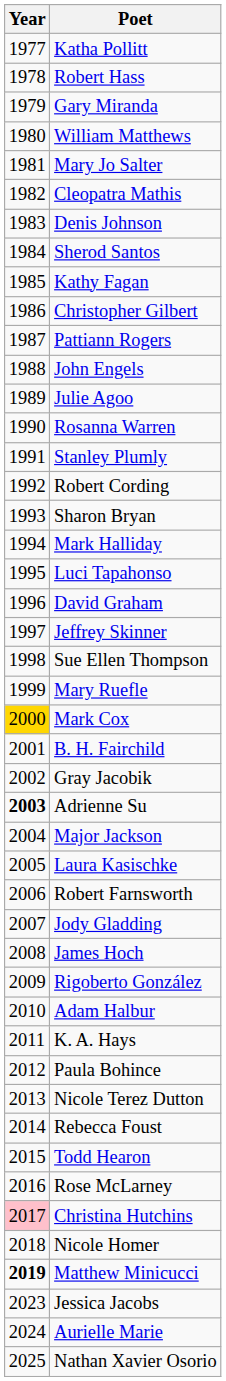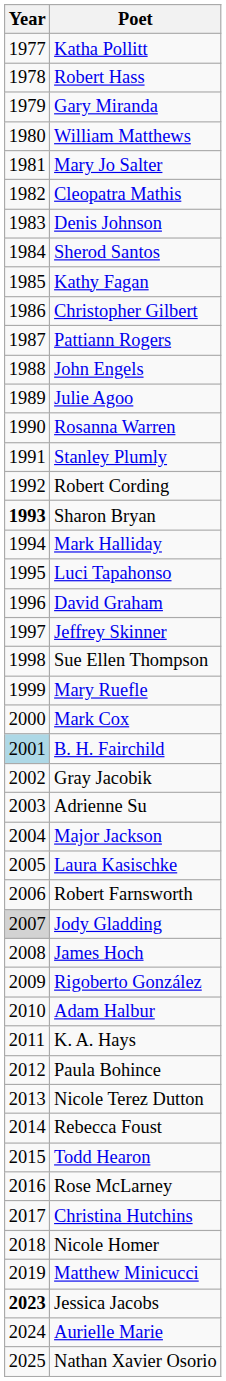 <table class="wikitable sortable">
 <tr>
 <th>Year</th>
 <th>Poet</th>
 </tr>
 <tr>
 <td>1977</td>
 <td><a href='#'>Katha Pollitt</a></td>
 </tr>
 <tr>
 <td>1978</td>
 <td><a href='#'>Robert Hass</a></td>
 </tr>
 <tr>
 <td>1979</td>
 <td><a href='#'>Gary Miranda</a></td>
 </tr>
 <tr>
 <td>1980</td>
 <td><a href='#'>William Matthews</a></td>
 </tr>
 <tr>
 <td>1981</td>
 <td><a href='#'>Mary Jo Salter</a></td>
 </tr>
 <tr>
 <td>1982</td>
 <td><a href='#'>Cleopatra Mathis</a></td>
 </tr>
 <tr>
 <td>1983</td>
 <td><a href='#'>Denis Johnson</a></td>
 </tr>
 <tr>
 <td>1984</td>
 <td><a href='#'>Sherod Santos</a></td>
 </tr>
 <tr>
 <td>1985</td>
 <td><a href='#'>Kathy Fagan</a></td>
 </tr>
 <tr>
 <td>1986</td>
 <td><a href='#'>Christopher Gilbert</a></td>
 </tr>
 <tr>
 <td>1987</td>
 <td><a href='#'>Pattiann Rogers</a></td>
 </tr>
 <tr>
 <td>1988</td>
 <td><a href='#'>John Engels</a></td>
 </tr>
 <tr>
 <td>1989</td>
 <td><a href='#'>Julie Agoo</a></td>
 </tr>
 <tr>
 <td>1990</td>
 <td><a href='#'>Rosanna Warren</a></td>
 </tr>
 <tr>
 <td>1991</td>
 <td><a href='#'>Stanley Plumly</a></td>
 </tr>
 <tr>
 <td>1992</td>
 <td>Robert Cording</td>
 </tr>
 <tr>
-<td>1993</td>
+<td><strong>1993</strong></td>
 <td>Sharon Bryan</td>
 </tr>
 <tr>
 <td>1994</td>
 <td><a href='#'>Mark Halliday</a></td>
 </tr>
 <tr>
 <td>1995</td>
 <td><a href='#'>Luci Tapahonso</a></td>
 </tr>
 <tr>
 <td>1996</td>
 <td><a href='#'>David Graham</a></td>
 </tr>
 <tr>
 <td>1997</td>
 <td><a href='#'>Jeffrey Skinner</a></td>
 </tr>
 <tr>
 <td>1998</td>
 <td>Sue Ellen Thompson</td>
 </tr>
 <tr>
 <td>1999</td>
 <td><a href='#'>Mary Ruefle</a></td>
 </tr>
 <tr>
-<td style="background: gold;">2000</td>
+<td>2000</td>
 <td><a href='#'>Mark Cox</a></td>
 </tr>
 <tr>
-<td>2001</td>
+<td style="background: lightblue;">2001</td>
 <td><a href='#'>B. H. Fairchild</a></td>
 </tr>
 <tr>
 <td>2002</td>
 <td>Gray Jacobik</td>
 </tr>
 <tr>
-<td><strong>2003</strong></td>
+<td>2003</td>
 <td>Adrienne Su</td>
 </tr>
 <tr>
 <td>2004</td>
 <td><a href='#'>Major Jackson</a></td>
 </tr>
 <tr>
 <td>2005</td>
 <td><a href='#'>Laura Kasischke</a></td>
 </tr>
 <tr>
 <td>2006</td>
 <td>Robert Farnsworth</td>
 </tr>
 <tr>
-<td>2007</td>
+<td style="background: lightgrey;">2007</td>
 <td><a href='#'>Jody Gladding</a></td>
 </tr>
 <tr>
 <td>2008</td>
 <td><a href='#'>James Hoch</a></td>
 </tr>
 <tr>
 <td>2009</td>
 <td><a href='#'>Rigoberto González</a></td>
 </tr>
 <tr>
 <td>2010</td>
 <td><a href='#'>Adam Halbur</a></td>
 </tr>
 <tr>
 <td>2011</td>
 <td>K. A. Hays</td>
 </tr>
 <tr>
 <td>2012</td>
 <td>Paula Bohince</td>
 </tr>
 <tr>
 <td>2013</td>
 <td>Nicole Terez Dutton</td>
 </tr>
 <tr>
 <td>2014</td>
 <td>Rebecca Foust</td>
 </tr>
 <tr>
 <td>2015</td>
 <td><a href='#'>Todd Hearon</a></td>
 </tr>
 <tr>
 <td>2016</td>
 <td>Rose McLarney</td>
 </tr>
 <tr>
-<td style="background: pink;">2017</td>
+<td>2017</td>
 <td><a href='#'>Christina Hutchins</a></td>
 </tr>
 <tr>
 <td>2018</td>
 <td>Nicole Homer</td>
 </tr>
 <tr>
-<td><strong>2019</strong></td>
+<td>2019</td>
 <td><a href='#'>Matthew Minicucci</a></td>
 </tr>
 <tr>
-<td>2023</td>
+<td><strong>2023</strong></td>
 <td>Jessica Jacobs</td>
 </tr>
 <tr>
 <td>2024</td>
 <td><a href='#'>Aurielle Marie</a></td>
 </tr>
 <tr>
 <td>2025</td>
 <td>Nathan Xavier Osorio</td>
 </tr>
 </table>
